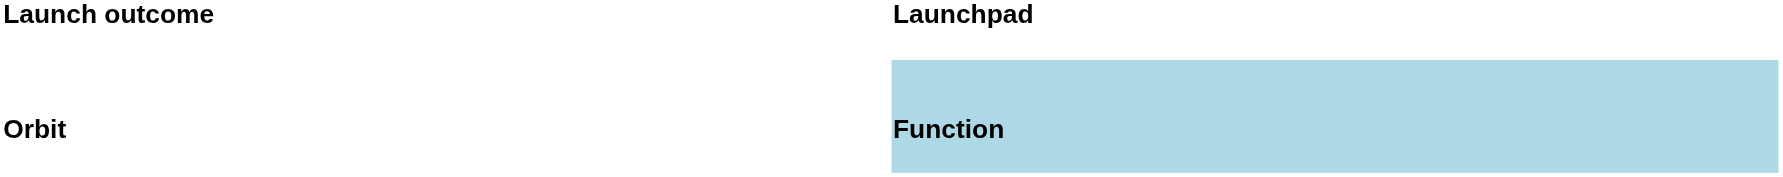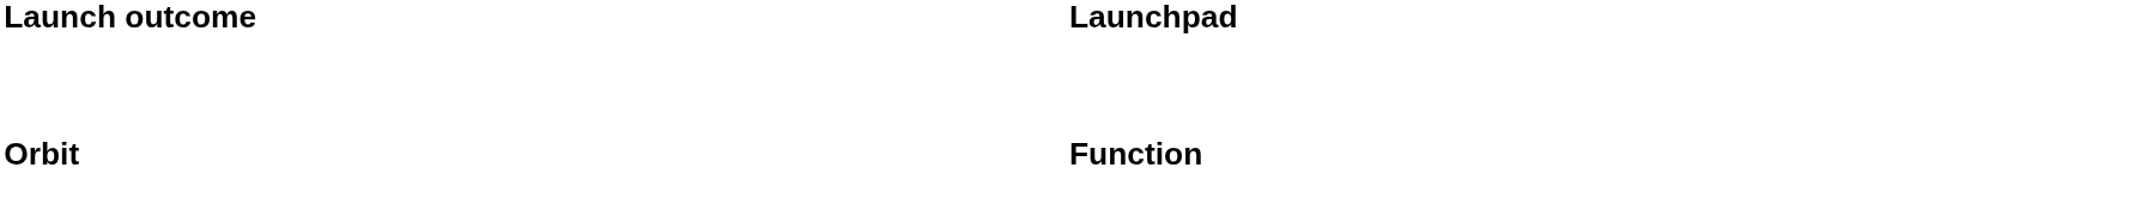 <table style="width:100%;">
 <tr>
 <td style="width:50%;"><br><h3>Launch outcome</h3></td>
 <td style="width:50%;"><br><h3>Launchpad</h3></td>
 </tr>
 <tr>
 <td style="width:50%;"><br><h3>Orbit</h3></td>
-<td style="background: lightblue; width:50%;"><br><h3>Function</h3></td>
+<td style="width:50%;"><br><h3>Function</h3></td>
 </tr>
 </table>
